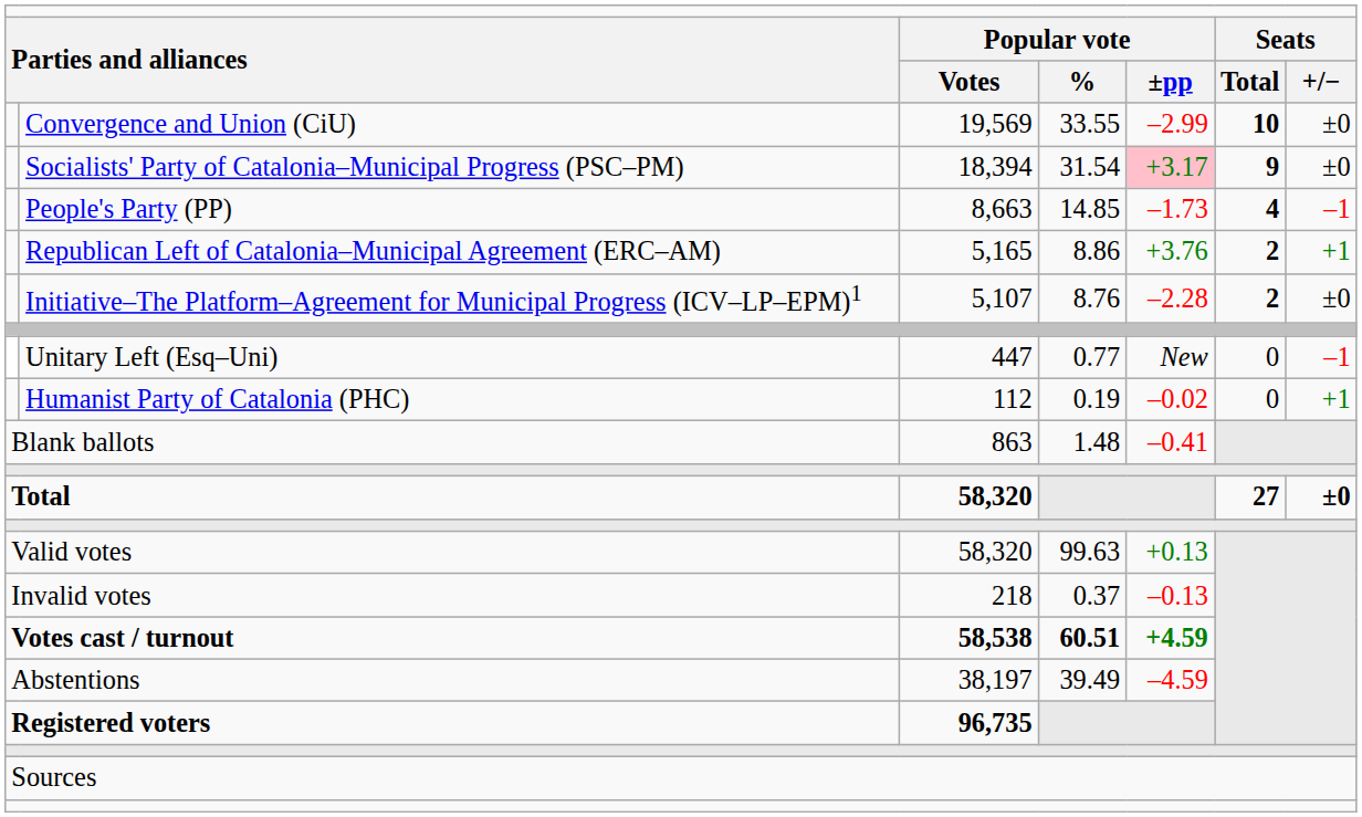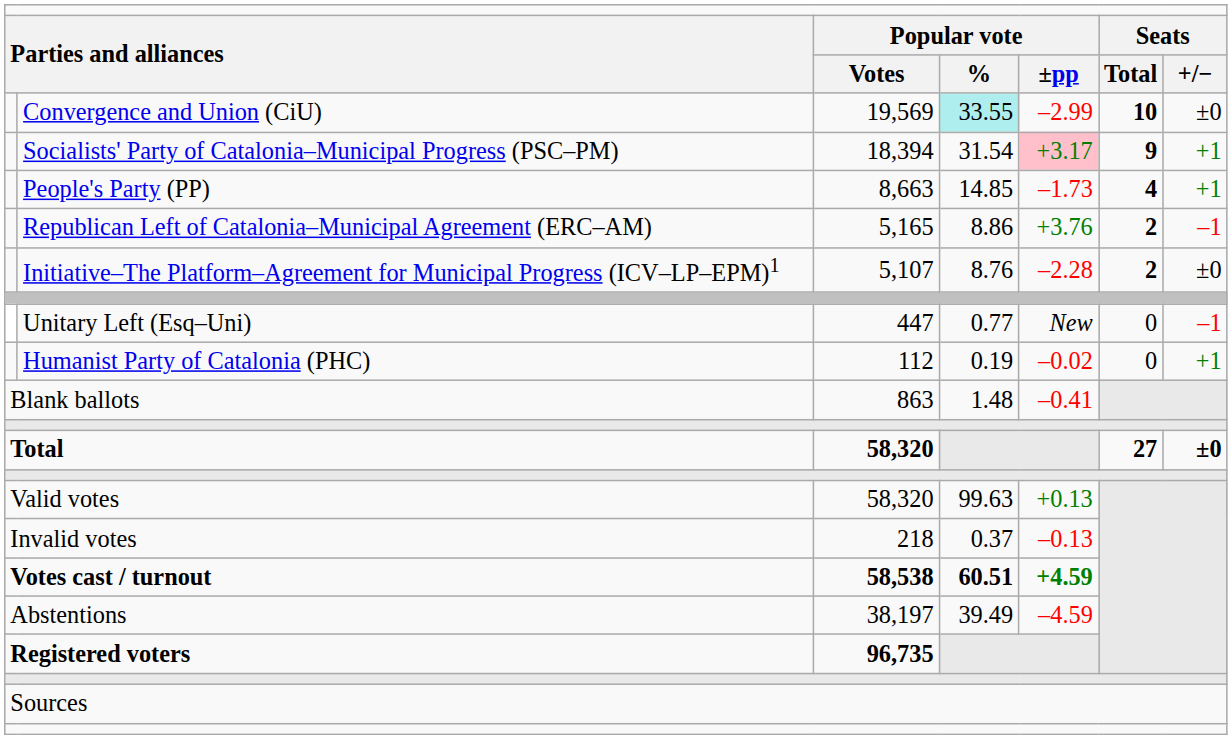 <table class="wikitable" style="text-align:right;">
 <tr>
 <td colspan="7"></td>
 </tr>
 <tr>
 <th style="text-align:left;" rowspan="2" colspan="2" width="525">Parties and alliances</th>
 <th colspan="3">Popular vote</th>
 <th colspan="2">Seats</th>
 </tr>
 <tr>
 <th width="75">Votes</th>
 <th width="45">%</th>
 <th width="45">±<a href='#'>pp</a></th>
 <th width="35">Total</th>
 <th width="35">+/−</th>
 </tr>
 <tr>
 <td width="1" style="color:inherit;background:"></td>
 <td align="left"><a href='#'>Convergence and Union</a> (CiU)</td>
 <td>19,569</td>
-<td>33.55</td>
+<td style="background: paleturquoise;">33.55</td>
 <td style="color:red;">–2.99</td>
 <td><strong>10</strong></td>
 <td>±0</td>
 </tr>
 <tr>
 <td style="color:inherit;background:"></td>
 <td align="left"><a href='#'>Socialists' Party of Catalonia–Municipal Progress</a> (PSC–PM)</td>
 <td>18,394</td>
 <td>31.54</td>
 <td style="background: pink; color:green;">+3.17</td>
 <td><strong>9</strong></td>
-<td>±0</td>
+<td style="color:green;">+1</td>
 </tr>
 <tr>
 <td style="color:inherit;background:"></td>
 <td align="left"><a href='#'>People's Party</a> (PP)</td>
 <td>8,663</td>
 <td>14.85</td>
 <td style="color:red;">–1.73</td>
 <td><strong>4</strong></td>
-<td style="color:red;">–1</td>
+<td style="color:green;">+1</td>
 </tr>
 <tr>
 <td style="color:inherit;background:"></td>
 <td align="left"><a href='#'>Republican Left of Catalonia–Municipal Agreement</a> (ERC–AM)</td>
 <td>5,165</td>
 <td>8.86</td>
 <td style="color:green;">+3.76</td>
 <td><strong>2</strong></td>
-<td style="color:green;">+1</td>
+<td style="color:red;">–1</td>
 </tr>
 <tr>
 <td style="color:inherit;background:"></td>
 <td align="left"><a href='#'>Initiative–The Platform–Agreement for Municipal Progress</a> (ICV–LP–EPM)<sup>1</sup></td>
 <td>5,107</td>
 <td>8.76</td>
 <td style="color:red;">–2.28</td>
 <td><strong>2</strong></td>
 <td>±0</td>
 </tr>
 <tr>
 <td colspan="7" style="color:inherit;background:#C0C0C0"></td>
 </tr>
 <tr>
 <td bgcolor="white"></td>
 <td align="left">Unitary Left (Esq–Uni)</td>
 <td>447</td>
 <td>0.77</td>
 <td><em>New</em></td>
 <td>0</td>
 <td style="color:red;">–1</td>
 </tr>
 <tr>
 <td style="color:inherit;background:"></td>
 <td align="left"><a href='#'>Humanist Party of Catalonia</a> (PHC)</td>
 <td>112</td>
 <td>0.19</td>
 <td style="color:red;">–0.02</td>
 <td>0</td>
 <td style="color:green;">+1</td>
 </tr>
 <tr>
 <td align="left" colspan="2">Blank ballots</td>
 <td>863</td>
 <td>1.48</td>
 <td style="color:red;">–0.41</td>
 <td style="color:inherit;background:#E9E9E9" colspan="2"></td>
 </tr>
 <tr>
 <td colspan="7" style="color:inherit;background:#E9E9E9"></td>
 </tr>
 <tr style="font-weight:bold;">
 <td align="left" colspan="2">Total</td>
 <td>58,320</td>
 <td bgcolor="#E9E9E9" colspan="2"></td>
 <td>27</td>
 <td>±0</td>
 </tr>
 <tr>
 <td colspan="7" style="color:inherit;background:#E9E9E9"></td>
 </tr>
 <tr>
 <td align="left" colspan="2">Valid votes</td>
 <td>58,320</td>
 <td>99.63</td>
 <td style="color:green;">+0.13</td>
 <td bgcolor="#E9E9E9" colspan="2" rowspan="5"></td>
 </tr>
 <tr>
 <td align="left" colspan="2">Invalid votes</td>
 <td>218</td>
 <td>0.37</td>
 <td style="color:red;">–0.13</td>
 </tr>
 <tr style="font-weight:bold;">
 <td align="left" colspan="2">Votes cast / turnout</td>
 <td>58,538</td>
 <td>60.51</td>
 <td style="color:green;">+4.59</td>
 </tr>
 <tr>
 <td align="left" colspan="2">Abstentions</td>
 <td>38,197</td>
 <td>39.49</td>
 <td style="color:red;">–4.59</td>
 </tr>
 <tr style="font-weight:bold;">
 <td align="left" colspan="2">Registered voters</td>
 <td>96,735</td>
 <td bgcolor="#E9E9E9" colspan="2"></td>
 </tr>
 <tr>
 <td colspan="7" style="color:inherit;background:#E9E9E9"></td>
 </tr>
 <tr>
 <td align="left" colspan="7">Sources</td>
 </tr>
 <tr>
 <td colspan="7" style="text-align:left; max-width:790px;"></td>
 </tr>
 </table>
